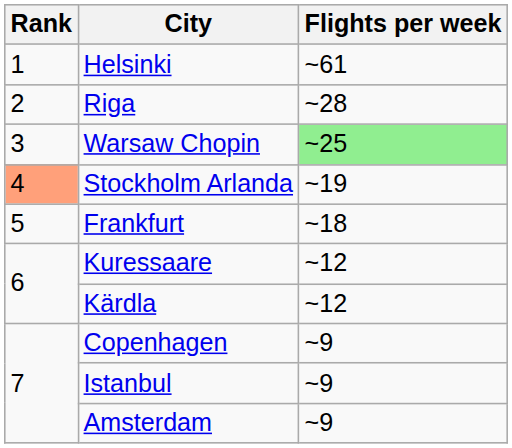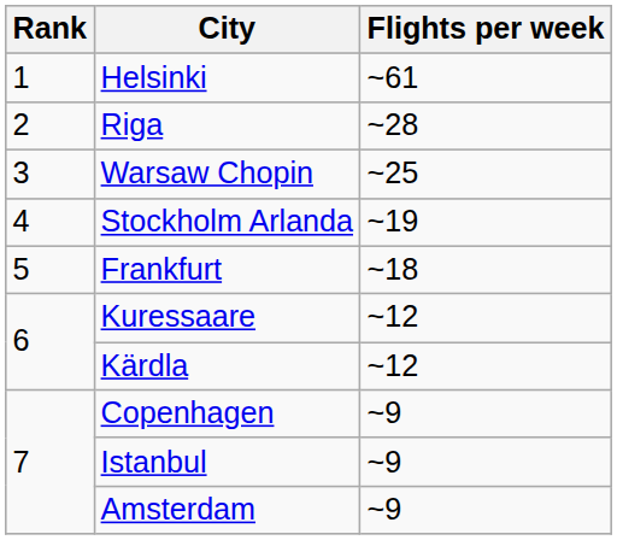 <table class="wikitable" width="align=">
 <tr>
 <th>Rank</th>
 <th>City</th>
 <th>Flights per week</th>
 </tr>
 <tr>
 <td>1</td>
 <td><a href='#'>Helsinki</a></td>
 <td>~61</td>
 </tr>
 <tr>
 <td>2</td>
 <td><a href='#'>Riga</a></td>
 <td>~28</td>
 </tr>
 <tr>
 <td>3</td>
 <td><a href='#'>Warsaw Chopin</a></td>
-<td style="background: lightgreen;">~25</td>
+<td>~25</td>
 </tr>
 <tr>
-<td style="background: lightsalmon;">4</td>
+<td>4</td>
 <td><a href='#'>Stockholm Arlanda</a></td>
 <td>~19</td>
 </tr>
 <tr>
 <td>5</td>
 <td><a href='#'>Frankfurt</a></td>
 <td>~18</td>
 </tr>
 <tr>
 <td rowspan="2">6</td>
 <td><a href='#'>Kuressaare</a></td>
 <td>~12</td>
 </tr>
 <tr>
 <td><a href='#'>Kärdla</a></td>
 <td>~12</td>
 </tr>
 <tr>
 <td rowspan="3">7</td>
 <td><a href='#'>Copenhagen</a></td>
 <td>~9</td>
 </tr>
 <tr>
 <td><a href='#'>Istanbul</a></td>
 <td>~9</td>
 </tr>
 <tr>
 <td><a href='#'>Amsterdam</a></td>
 <td>~9</td>
 </tr>
 </table>
